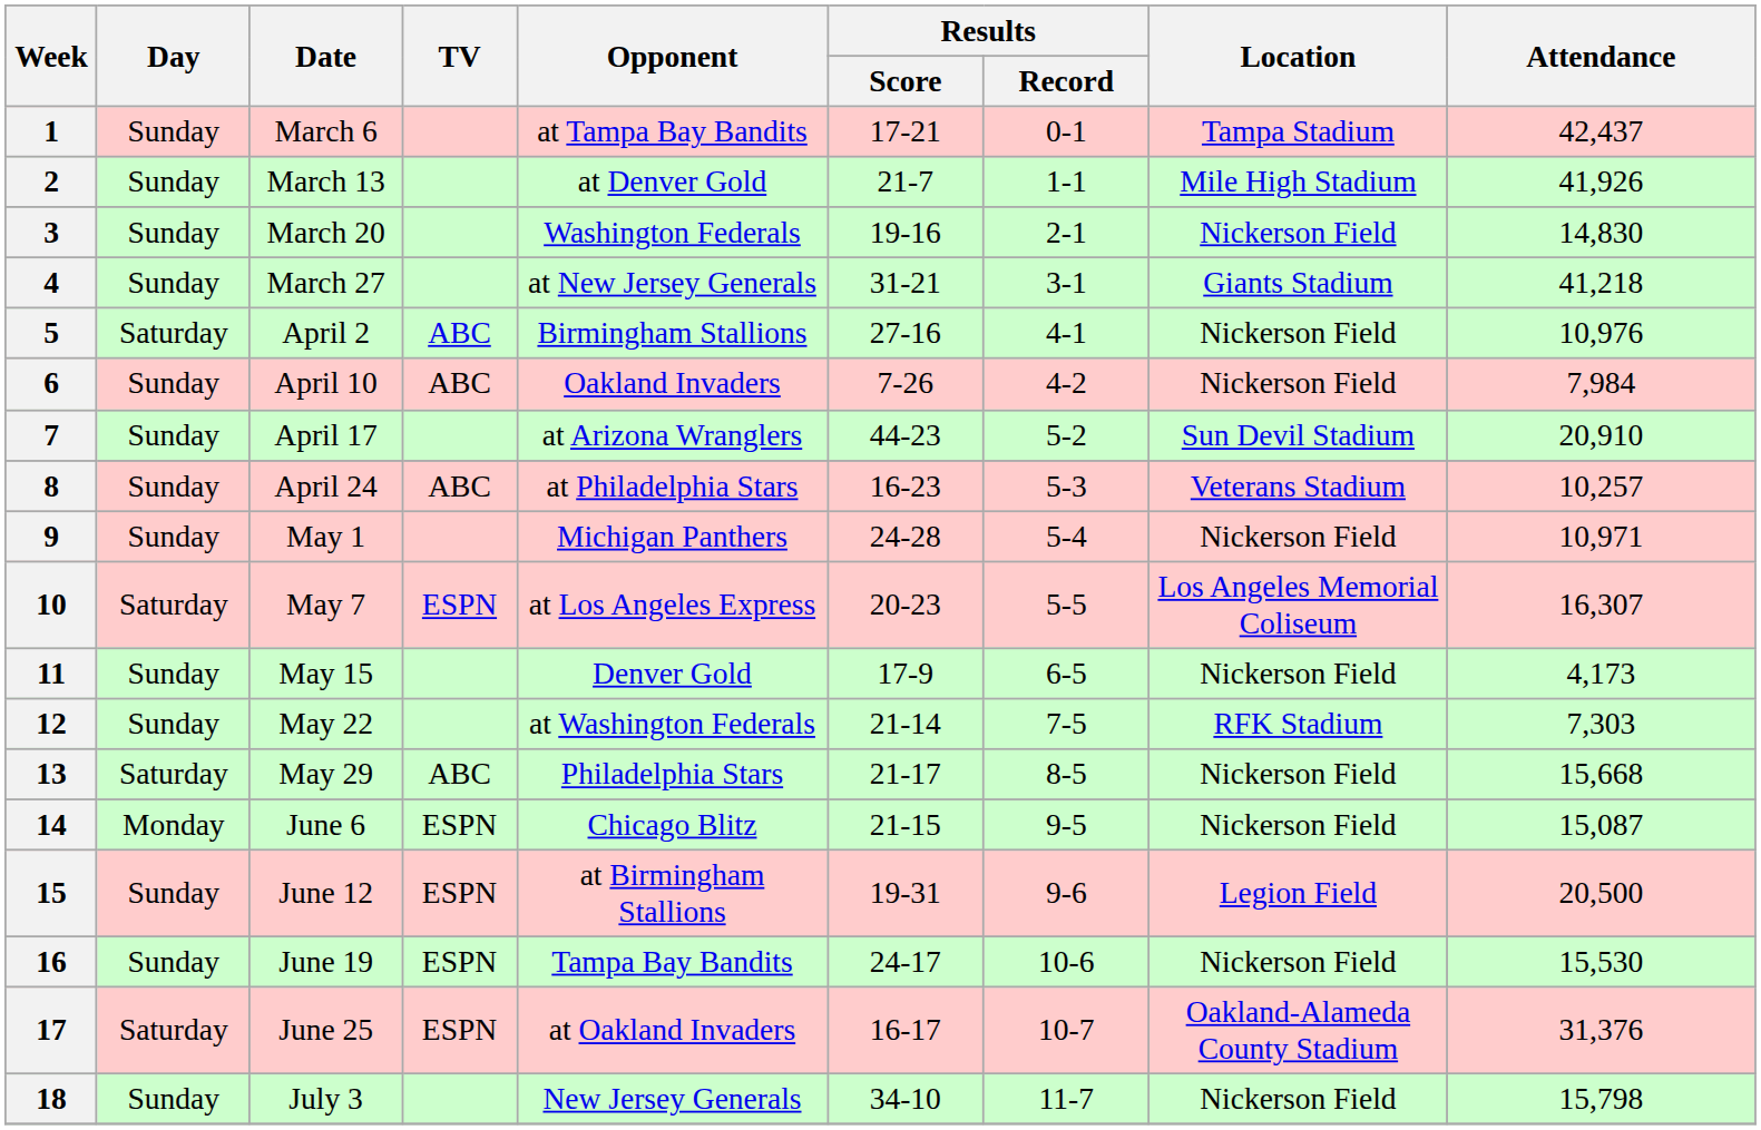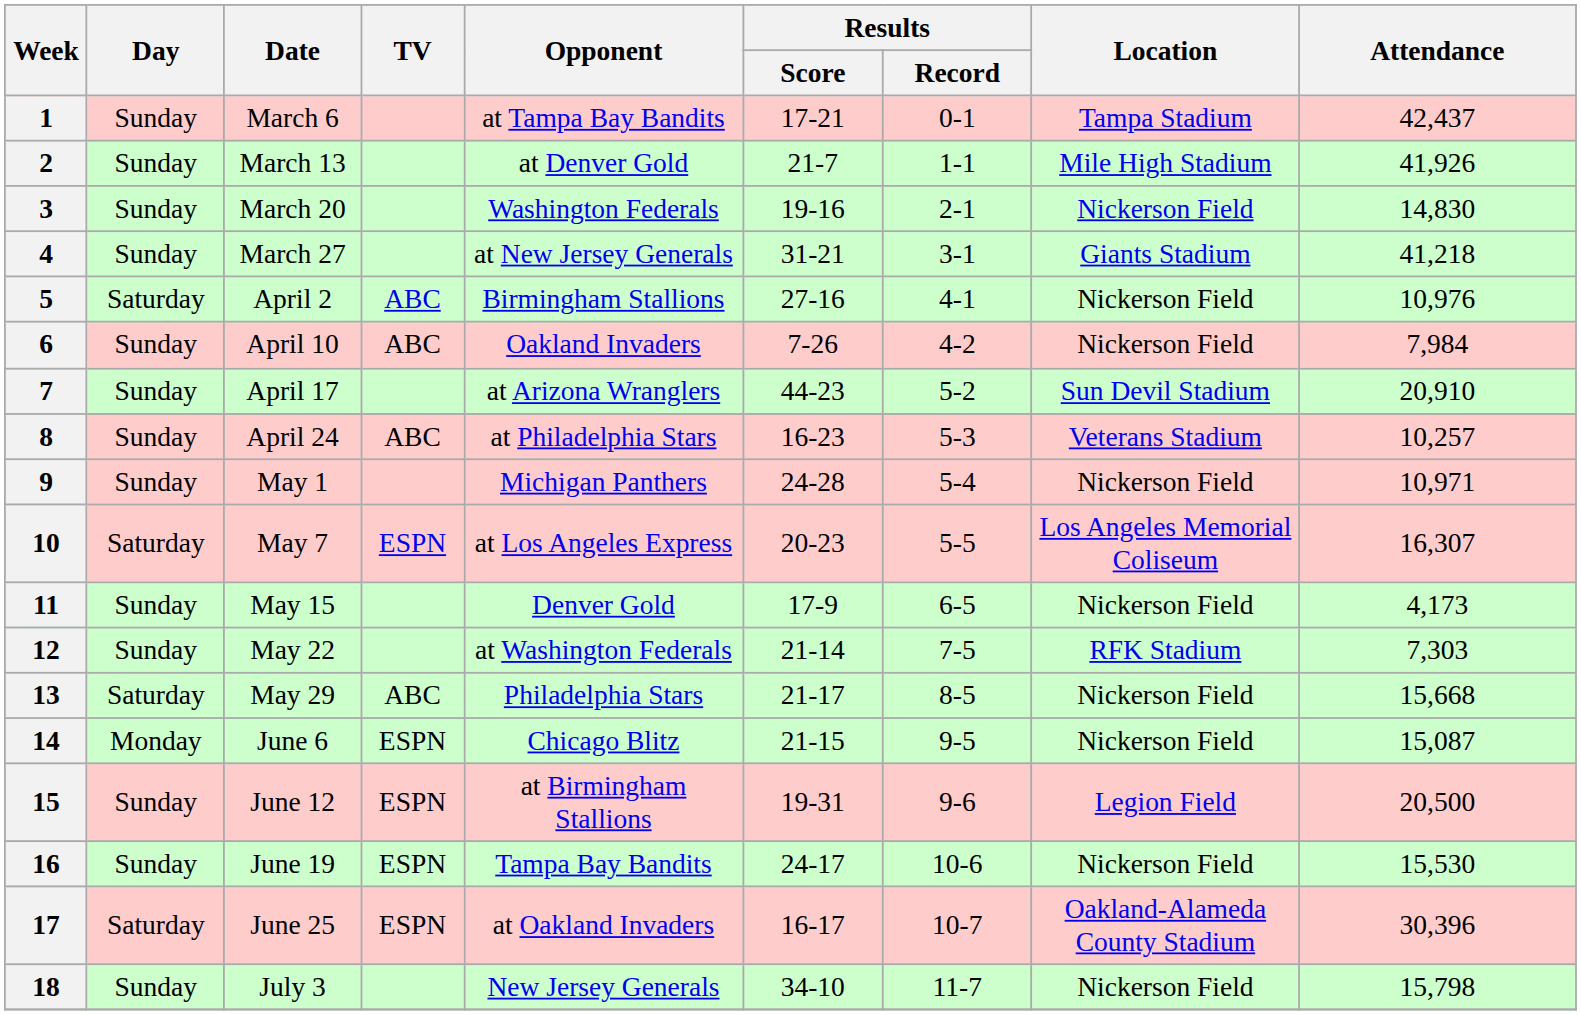 <table class="wikitable" style="text-align:center; font-size: 95%;">
 <tr>
 <th rowspan="2" width="40">Week</th>
 <th rowspan="2" width="80">Day</th>
 <th rowspan="2" width="90">Date</th>
 <th rowspan="2" width="60">TV</th>
 <th rowspan="2" width="200">Opponent</th>
 <th colspan="2" width="200">Results</th>
 <th rowspan="2" width="200">Location</th>
 <th rowspan="2" width="200">Attendance</th>
 </tr>
 <tr>
 <th width="60">Score</th>
 <th width="60">Record</th>
 </tr>
 <tr bgcolor=#ffcccc>
 <th>1</th>
 <td>Sunday</td>
 <td>March 6</td>
 <td></td>
 <td>at <a href='#'>Tampa Bay Bandits</a></td>
 <td>17-21</td>
 <td>0-1</td>
 <td><a href='#'>Tampa Stadium</a></td>
 <td>42,437</td>
 </tr>
 <tr bgcolor=#ccffcc>
 <th>2</th>
 <td>Sunday</td>
 <td>March 13</td>
 <td></td>
 <td>at <a href='#'>Denver Gold</a></td>
 <td>21-7</td>
 <td>1-1</td>
 <td><a href='#'>Mile High Stadium</a></td>
 <td>41,926</td>
 </tr>
 <tr bgcolor=#ccffcc>
 <th>3</th>
 <td>Sunday</td>
 <td>March 20</td>
 <td></td>
 <td><a href='#'>Washington Federals</a></td>
 <td>19-16</td>
 <td>2-1</td>
 <td><a href='#'>Nickerson Field</a></td>
 <td>14,830</td>
 </tr>
 <tr bgcolor=#ccffcc>
 <th>4</th>
 <td>Sunday</td>
 <td>March 27</td>
 <td></td>
 <td>at <a href='#'>New Jersey Generals</a></td>
 <td>31-21</td>
 <td>3-1</td>
 <td><a href='#'>Giants Stadium</a></td>
 <td>41,218</td>
 </tr>
 <tr bgcolor=#ccffcc>
 <th>5</th>
 <td>Saturday</td>
 <td>April 2</td>
 <td><a href='#'>ABC</a></td>
 <td><a href='#'>Birmingham Stallions</a></td>
 <td>27-16</td>
 <td>4-1</td>
 <td>Nickerson Field</td>
 <td>10,976</td>
 </tr>
 <tr bgcolor=#ffcccc>
 <th>6</th>
 <td>Sunday</td>
 <td>April 10</td>
 <td>ABC</td>
 <td><a href='#'>Oakland Invaders</a></td>
 <td>7-26</td>
 <td>4-2</td>
 <td>Nickerson Field</td>
 <td>7,984</td>
 </tr>
 <tr bgcolor=#ccffcc>
 <th>7</th>
 <td>Sunday</td>
 <td>April 17</td>
 <td></td>
 <td>at <a href='#'>Arizona Wranglers</a></td>
 <td>44-23</td>
 <td>5-2</td>
 <td><a href='#'>Sun Devil Stadium</a></td>
 <td>20,910</td>
 </tr>
 <tr bgcolor=#ffcccc>
 <th>8</th>
 <td>Sunday</td>
 <td>April 24</td>
 <td>ABC</td>
 <td>at <a href='#'>Philadelphia Stars</a></td>
 <td>16-23</td>
 <td>5-3</td>
 <td><a href='#'>Veterans Stadium</a></td>
 <td>10,257</td>
 </tr>
 <tr bgcolor=#ffcccc>
 <th>9</th>
 <td>Sunday</td>
 <td>May 1</td>
 <td></td>
 <td><a href='#'>Michigan Panthers</a></td>
 <td>24-28</td>
 <td>5-4</td>
 <td>Nickerson Field</td>
 <td>10,971</td>
 </tr>
 <tr bgcolor=#ffcccc>
 <th>10</th>
 <td>Saturday</td>
 <td>May 7</td>
 <td><a href='#'>ESPN</a></td>
 <td>at <a href='#'>Los Angeles Express</a></td>
 <td>20-23</td>
 <td>5-5</td>
 <td><a href='#'>Los Angeles Memorial Coliseum</a></td>
 <td>16,307</td>
 </tr>
 <tr bgcolor=#ccffcc>
 <th>11</th>
 <td>Sunday</td>
 <td>May 15</td>
 <td></td>
 <td><a href='#'>Denver Gold</a></td>
 <td>17-9</td>
 <td>6-5</td>
 <td>Nickerson Field</td>
 <td>4,173</td>
 </tr>
 <tr bgcolor=#ccffcc>
 <th>12</th>
 <td>Sunday</td>
 <td>May 22</td>
 <td></td>
 <td>at <a href='#'>Washington Federals</a></td>
 <td>21-14</td>
 <td>7-5</td>
 <td><a href='#'>RFK Stadium</a></td>
 <td>7,303</td>
 </tr>
 <tr bgcolor=#ccffcc>
 <th>13</th>
 <td>Saturday</td>
 <td>May 29</td>
 <td>ABC</td>
 <td><a href='#'>Philadelphia Stars</a></td>
 <td>21-17</td>
 <td>8-5</td>
 <td>Nickerson Field</td>
 <td>15,668</td>
 </tr>
 <tr bgcolor=#ccffcc>
 <th>14</th>
 <td>Monday</td>
 <td>June 6</td>
 <td>ESPN</td>
 <td><a href='#'>Chicago Blitz</a></td>
 <td>21-15</td>
 <td>9-5</td>
 <td>Nickerson Field</td>
 <td>15,087</td>
 </tr>
 <tr bgcolor=#ffcccc>
 <th>15</th>
 <td>Sunday</td>
 <td>June 12</td>
 <td>ESPN</td>
 <td>at <a href='#'>Birmingham Stallions</a></td>
 <td>19-31</td>
 <td>9-6</td>
 <td><a href='#'>Legion Field</a></td>
 <td>20,500</td>
 </tr>
 <tr bgcolor=#ccffcc>
 <th>16</th>
 <td>Sunday</td>
 <td>June 19</td>
 <td>ESPN</td>
 <td><a href='#'>Tampa Bay Bandits</a></td>
 <td>24-17</td>
 <td>10-6</td>
 <td>Nickerson Field</td>
 <td>15,530</td>
 </tr>
 <tr bgcolor=#ffcccc>
 <th>17</th>
 <td>Saturday</td>
 <td>June 25</td>
 <td>ESPN</td>
 <td>at <a href='#'>Oakland Invaders</a></td>
 <td>16-17</td>
 <td>10-7</td>
 <td><a href='#'>Oakland-Alameda County Stadium</a></td>
-<td>31,376</td>
+<td>30,396</td>
 </tr>
 <tr bgcolor=#ccffcc>
 <th>18</th>
 <td>Sunday</td>
 <td>July 3</td>
 <td></td>
 <td><a href='#'>New Jersey Generals</a></td>
 <td>34-10</td>
 <td>11-7</td>
 <td>Nickerson Field</td>
 <td>15,798</td>
 </tr>
 <tr bgcolor=#ccffcc>
 </tr>
 </table>
